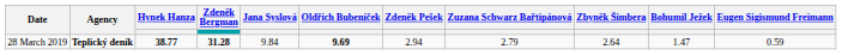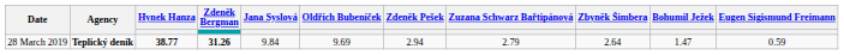 <table class="wikitable" style=text-align:center;font-size:85%;line-height:14px;">
 <tr>
 <th rowspan="2">Date</th>
 <th rowspan="2">Agency</th>
 <th><a href='#'>Hynek Hanza</a></th>
 <th><a href='#'>Zdeněk Bergman</a></th>
 <th><a href='#'>Jana Syslová</a></th>
 <th><a href='#'>Oldřich Bubeníček</a></th>
 <th><a href='#'>Zdeněk Pešek</a></th>
 <th><a href='#'>Zuzana Schwarz Bařtipánová</a></th>
 <th><a href='#'>Zbyněk Šimbera</a></th>
 <th><a href='#'>Bohumil Ježek</a></th>
 <th><a href='#'>Eugen Sigismund Freimann</a></th>
 </tr>
 <tr>
 <th style="background:"></th>
 <th style="background:#00A2AD; width:40px;"></th>
 <th style="background:"></th>
 <th style="background:"></th>
 <th style="background:"></th>
 <th style="background:"></th>
 <th style="background:"></th>
 <th style="background:"></th>
 <th style="background:"></th>
 </tr>
 <tr>
 <td>28 March 2019</td>
 <td><strong>Teplický deník</strong></td>
 <td><strong>38.77</strong></td>
-<td><strong>31.28</strong></td>
+<td><strong>31.26</strong></td>
 <td>9.84</td>
-<td><strong>9.69</strong></td>
+<td>9.69</td>
 <td>2.94</td>
 <td>2.79</td>
 <td>2.64</td>
 <td>1.47</td>
 <td>0.59</td>
 </tr>
 </table>
